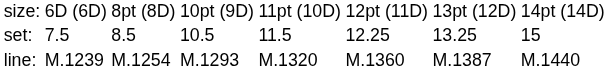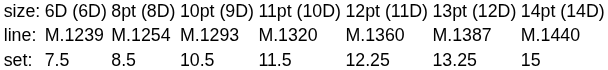 <table style="margin-left:40px;">
 <tr>
 <td>size:</td>
 <td>6D (6D)</td>
 <td>8pt (8D)</td>
 <td>10pt (9D)</td>
 <td>11pt (10D)</td>
 <td>12pt (11D)</td>
 <td>13pt (12D)</td>
 <td>14pt (14D)</td>
 </tr>
 <tr>
+<td>line:</td>
+<td>M.1239</td>
+<td>M.1254</td>
+<td>M.1293</td>
+<td>M.1320</td>
+<td>M.1360</td>
+<td>M.1387</td>
+<td>M.1440</td>
+</tr>
+<tr>
 <td>set:</td>
 <td>7.5</td>
 <td>8.5</td>
 <td>10.5</td>
 <td>11.5</td>
 <td>12.25</td>
 <td>13.25</td>
 <td>15</td>
 </tr>
-<tr>
-<td>line:</td>
-<td>M.1239</td>
-<td>M.1254</td>
-<td>M.1293</td>
-<td>M.1320</td>
-<td>M.1360</td>
-<td>M.1387</td>
-<td>M.1440</td>
-</tr>
 </table>
